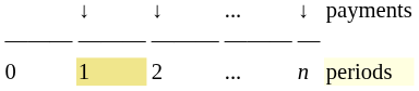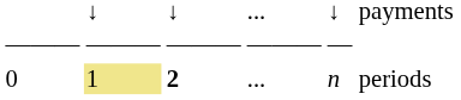 <table style="margin:1em auto;">
 <tr>
 <td></td>
 <td>↓</td>
 <td>↓</td>
 <td>...</td>
 <td>↓</td>
 <td>payments</td>
 </tr>
 <tr>
 <td>———</td>
 <td>———</td>
 <td>———</td>
 <td>———</td>
 <td>—</td>
 </tr>
 <tr>
 <td>0</td>
 <td style="background: khaki;">1</td>
-<td>2</td>
+<td><strong>2</strong></td>
 <td>...</td>
 <td><em>n</em></td>
-<td style="background: lightyellow;">periods</td>
+<td>periods</td>
 </tr>
 </table>
